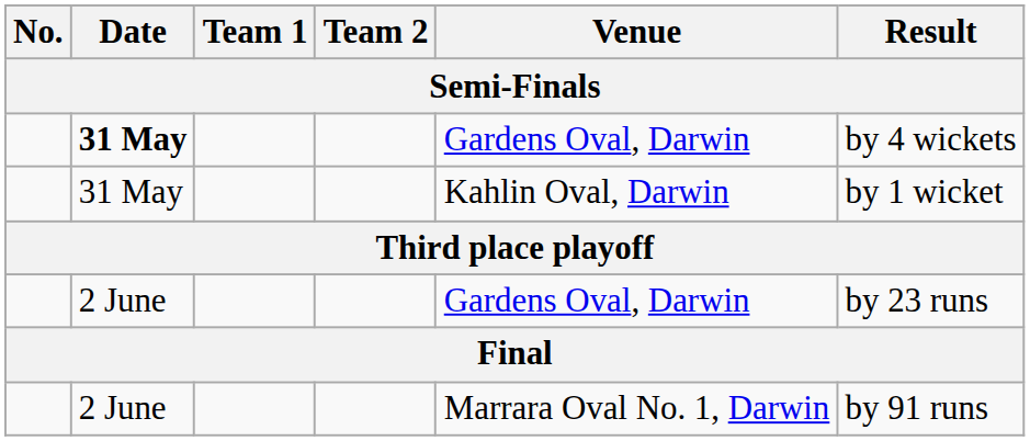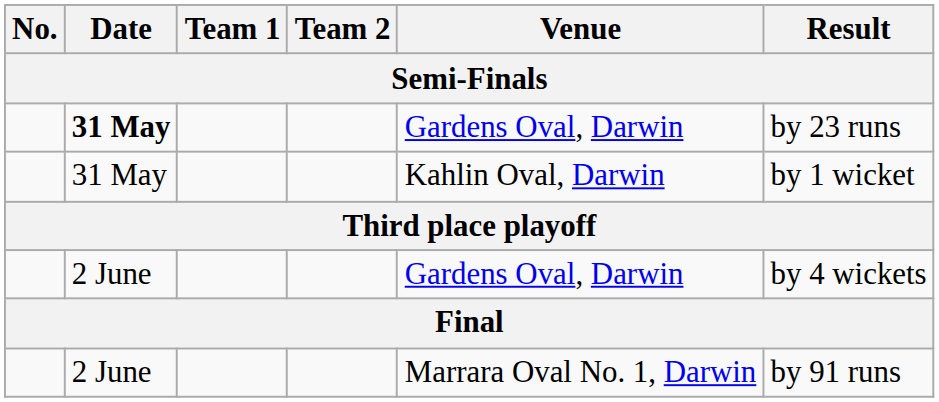 <table class="wikitable">
 <tr>
 <th>No.</th>
 <th>Date</th>
 <th>Team 1</th>
 <th>Team 2</th>
 <th>Venue</th>
 <th>Result</th>
 </tr>
 <tr>
 <th colspan="6">Semi-Finals</th>
 </tr>
 <tr>
 <td></td>
 <td><strong>31 May</strong></td>
 <td></td>
 <td></td>
 <td><a href='#'>Gardens Oval</a>, <a href='#'>Darwin</a></td>
-<td> by 4 wickets</td>
+<td> by 23 runs</td>
 </tr>
 <tr>
 <td></td>
 <td>31 May</td>
 <td></td>
 <td></td>
 <td>Kahlin Oval, <a href='#'>Darwin</a></td>
 <td> by 1 wicket</td>
 </tr>
 <tr>
 <th colspan="6">Third place playoff</th>
 </tr>
 <tr>
 <td></td>
 <td>2 June</td>
 <td></td>
 <td></td>
 <td><a href='#'>Gardens Oval</a>, <a href='#'>Darwin</a></td>
-<td> by 23 runs</td>
+<td> by 4 wickets</td>
 </tr>
 <tr>
 <th colspan="6">Final</th>
 </tr>
 <tr>
 <td></td>
 <td>2 June</td>
 <td></td>
 <td></td>
 <td>Marrara Oval No. 1, <a href='#'>Darwin</a></td>
 <td> by 91 runs</td>
 </tr>
 </table>
